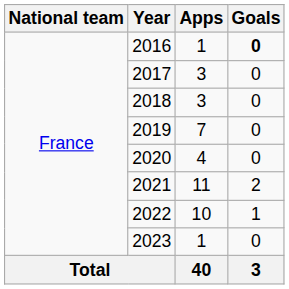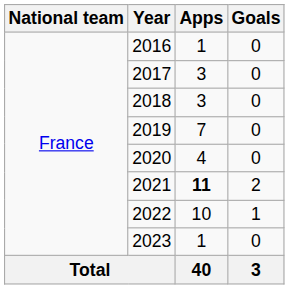 <table class="wikitable" style="text-align:center">
 <tr>
 <th>National team</th>
 <th>Year</th>
 <th>Apps</th>
 <th>Goals</th>
 </tr>
 <tr>
 <td rowspan=8><a href='#'>France</a></td>
 <td>2016</td>
 <td>1</td>
-<td><strong>0</strong></td>
+<td>0</td>
 </tr>
 <tr>
 <td>2017</td>
 <td>3</td>
 <td>0</td>
 </tr>
 <tr>
 <td>2018</td>
 <td>3</td>
 <td>0</td>
 </tr>
 <tr>
 <td>2019</td>
 <td>7</td>
 <td>0</td>
 </tr>
 <tr>
 <td>2020</td>
 <td>4</td>
 <td>0</td>
 </tr>
 <tr>
 <td>2021</td>
-<td>11</td>
+<td><strong>11</strong></td>
 <td>2</td>
 </tr>
 <tr>
 <td>2022</td>
 <td>10</td>
 <td>1</td>
 </tr>
 <tr>
 <td>2023</td>
 <td>1</td>
 <td>0</td>
 </tr>
 <tr>
 <th colspan=2>Total</th>
 <th>40</th>
 <th>3</th>
 </tr>
 </table>
